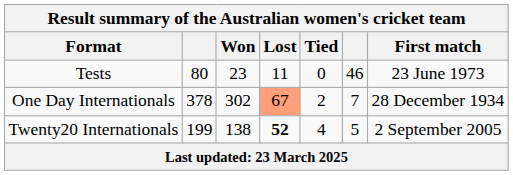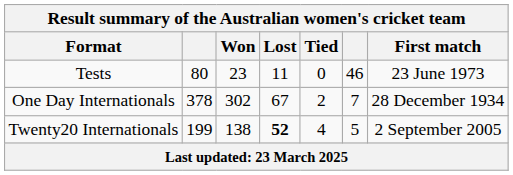 <table class="wikitable" style="text-align: center;">
 <tr>
 <th colspan=7>Result summary of the Australian women's cricket team</th>
 </tr>
 <tr>
 <th>Format</th>
 <th></th>
 <th>Won</th>
 <th>Lost</th>
 <th>Tied</th>
 <th></th>
 <th>First match</th>
 </tr>
 <tr>
 <td>Tests</td>
 <td>80</td>
 <td>23</td>
 <td>11</td>
 <td>0</td>
 <td>46</td>
 <td>23 June 1973</td>
 </tr>
 <tr>
 <td>One Day Internationals</td>
 <td>378</td>
 <td>302</td>
-<td style="background: lightsalmon;">67</td>
+<td>67</td>
 <td>2</td>
 <td>7</td>
 <td>28 December 1934</td>
 </tr>
 <tr>
 <td>Twenty20 Internationals</td>
 <td>199</td>
 <td>138</td>
 <td><strong>52</strong></td>
 <td>4</td>
 <td>5</td>
 <td>2 September 2005</td>
 </tr>
 <tr>
 <th colspan=7><small>Last updated: 23 March 2025</small></th>
 </tr>
 </table>
